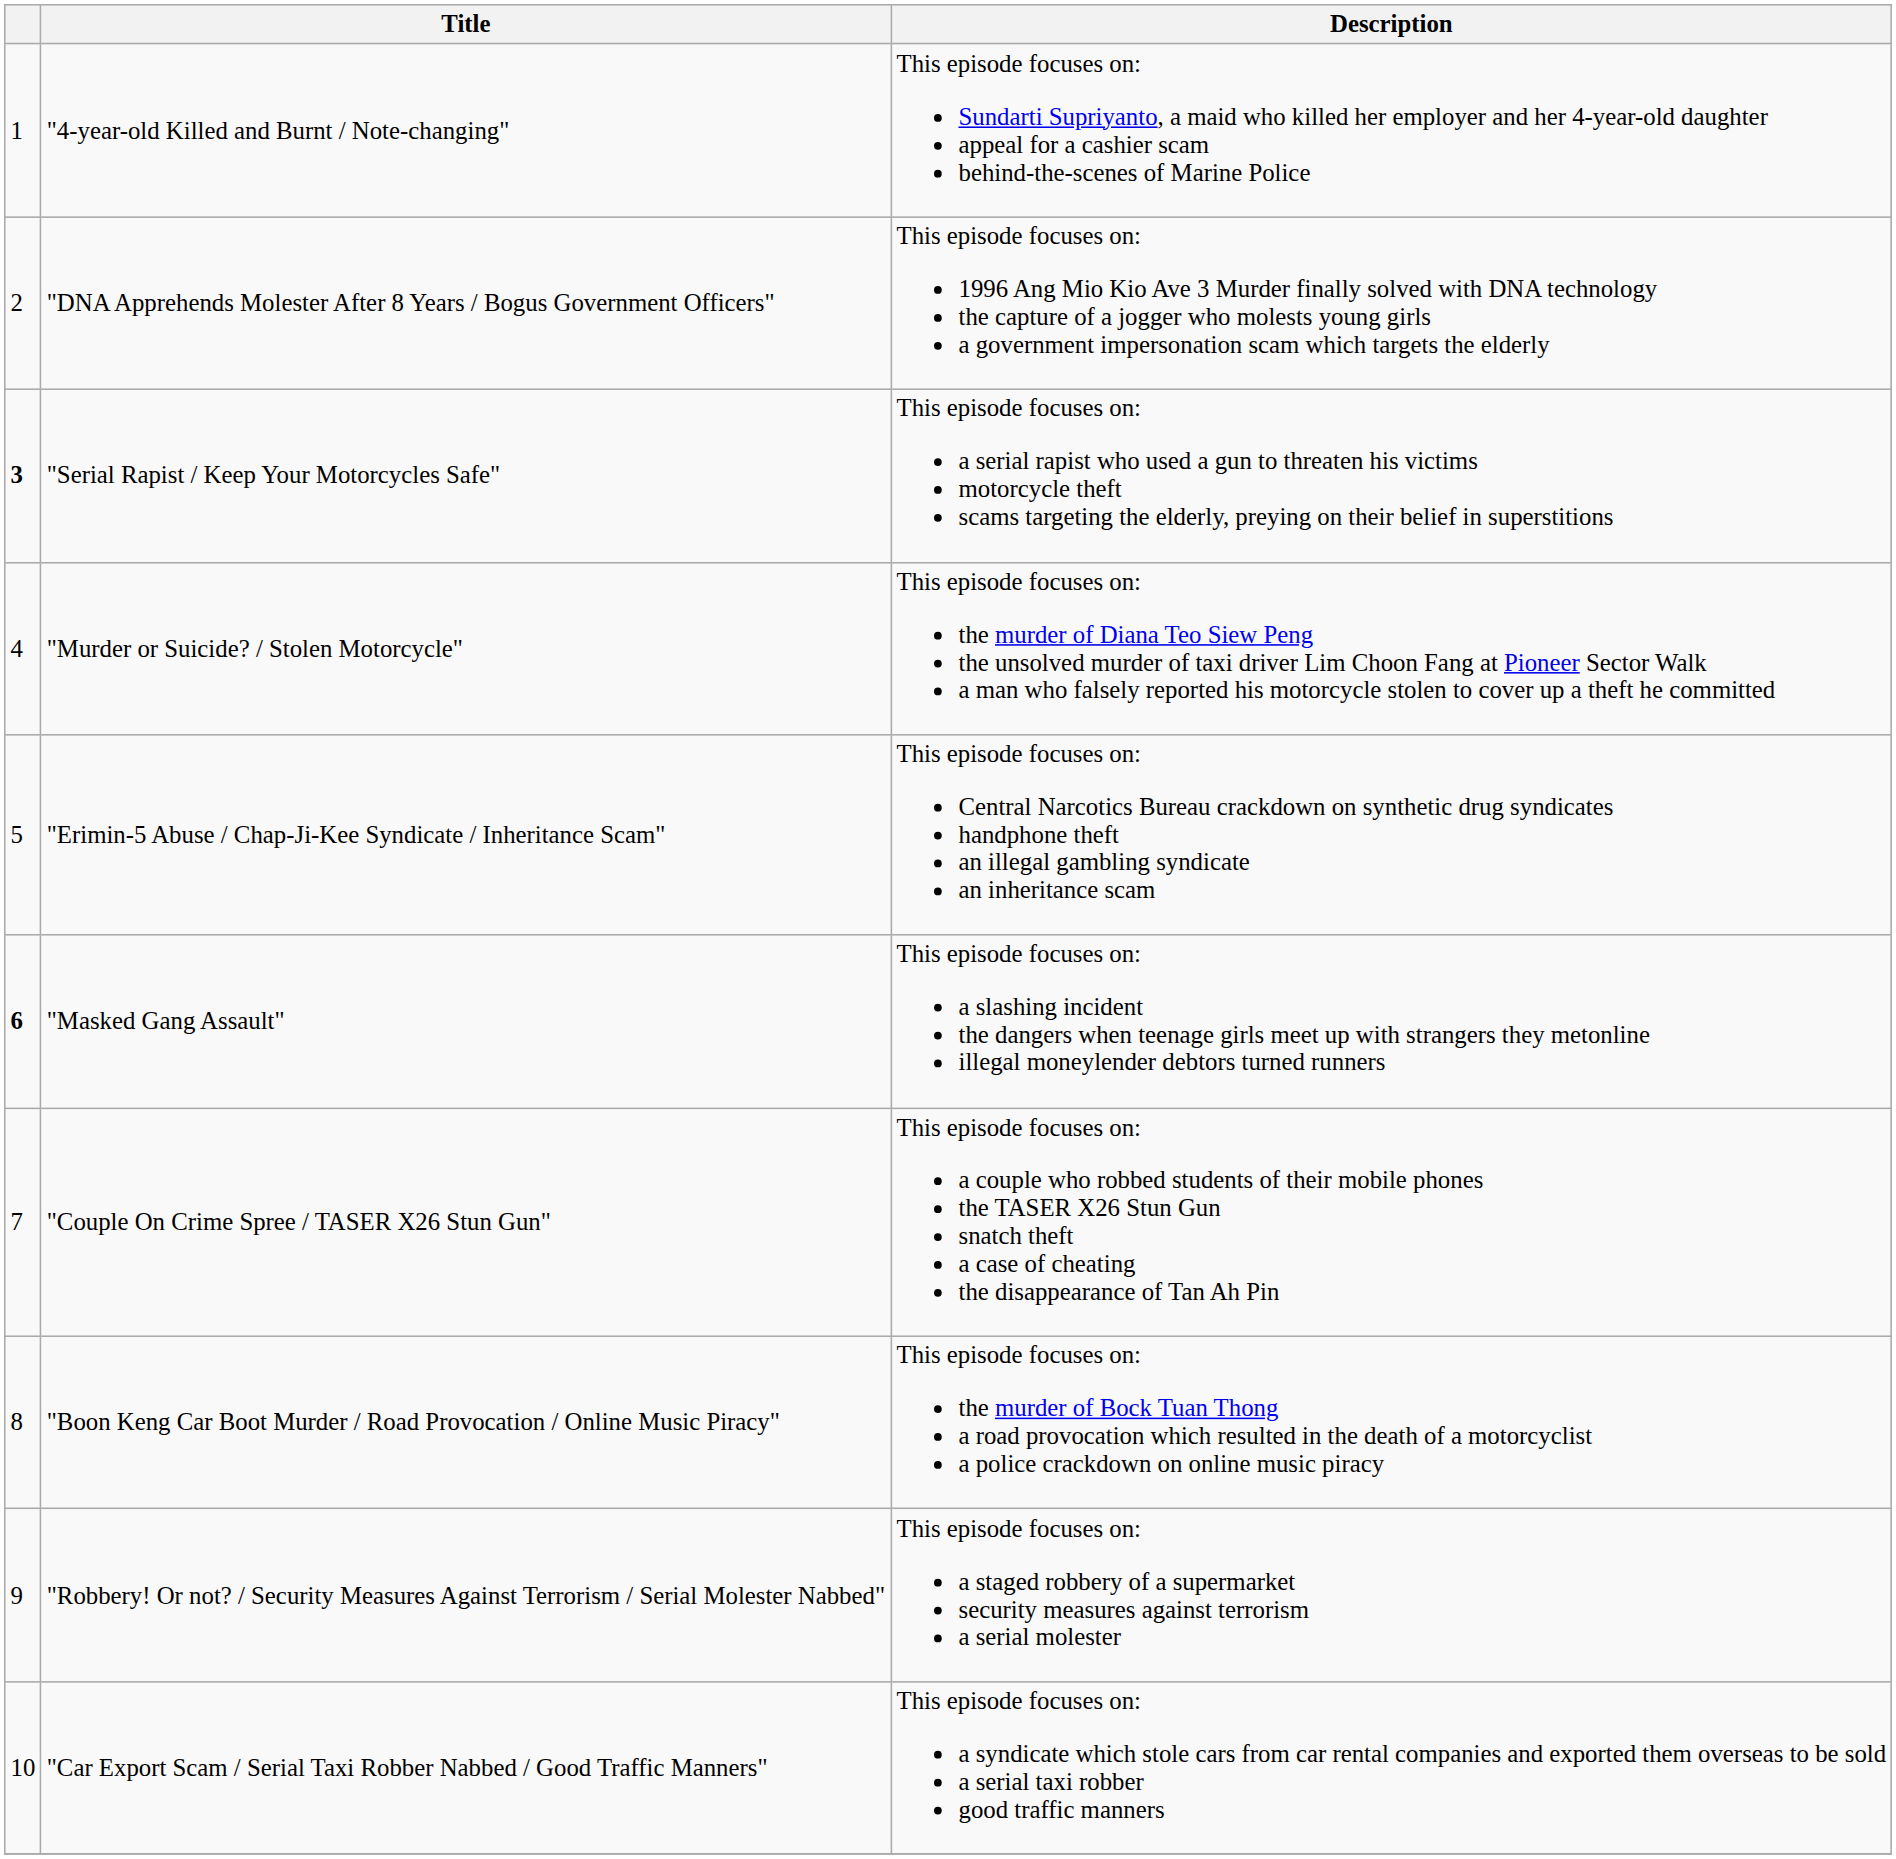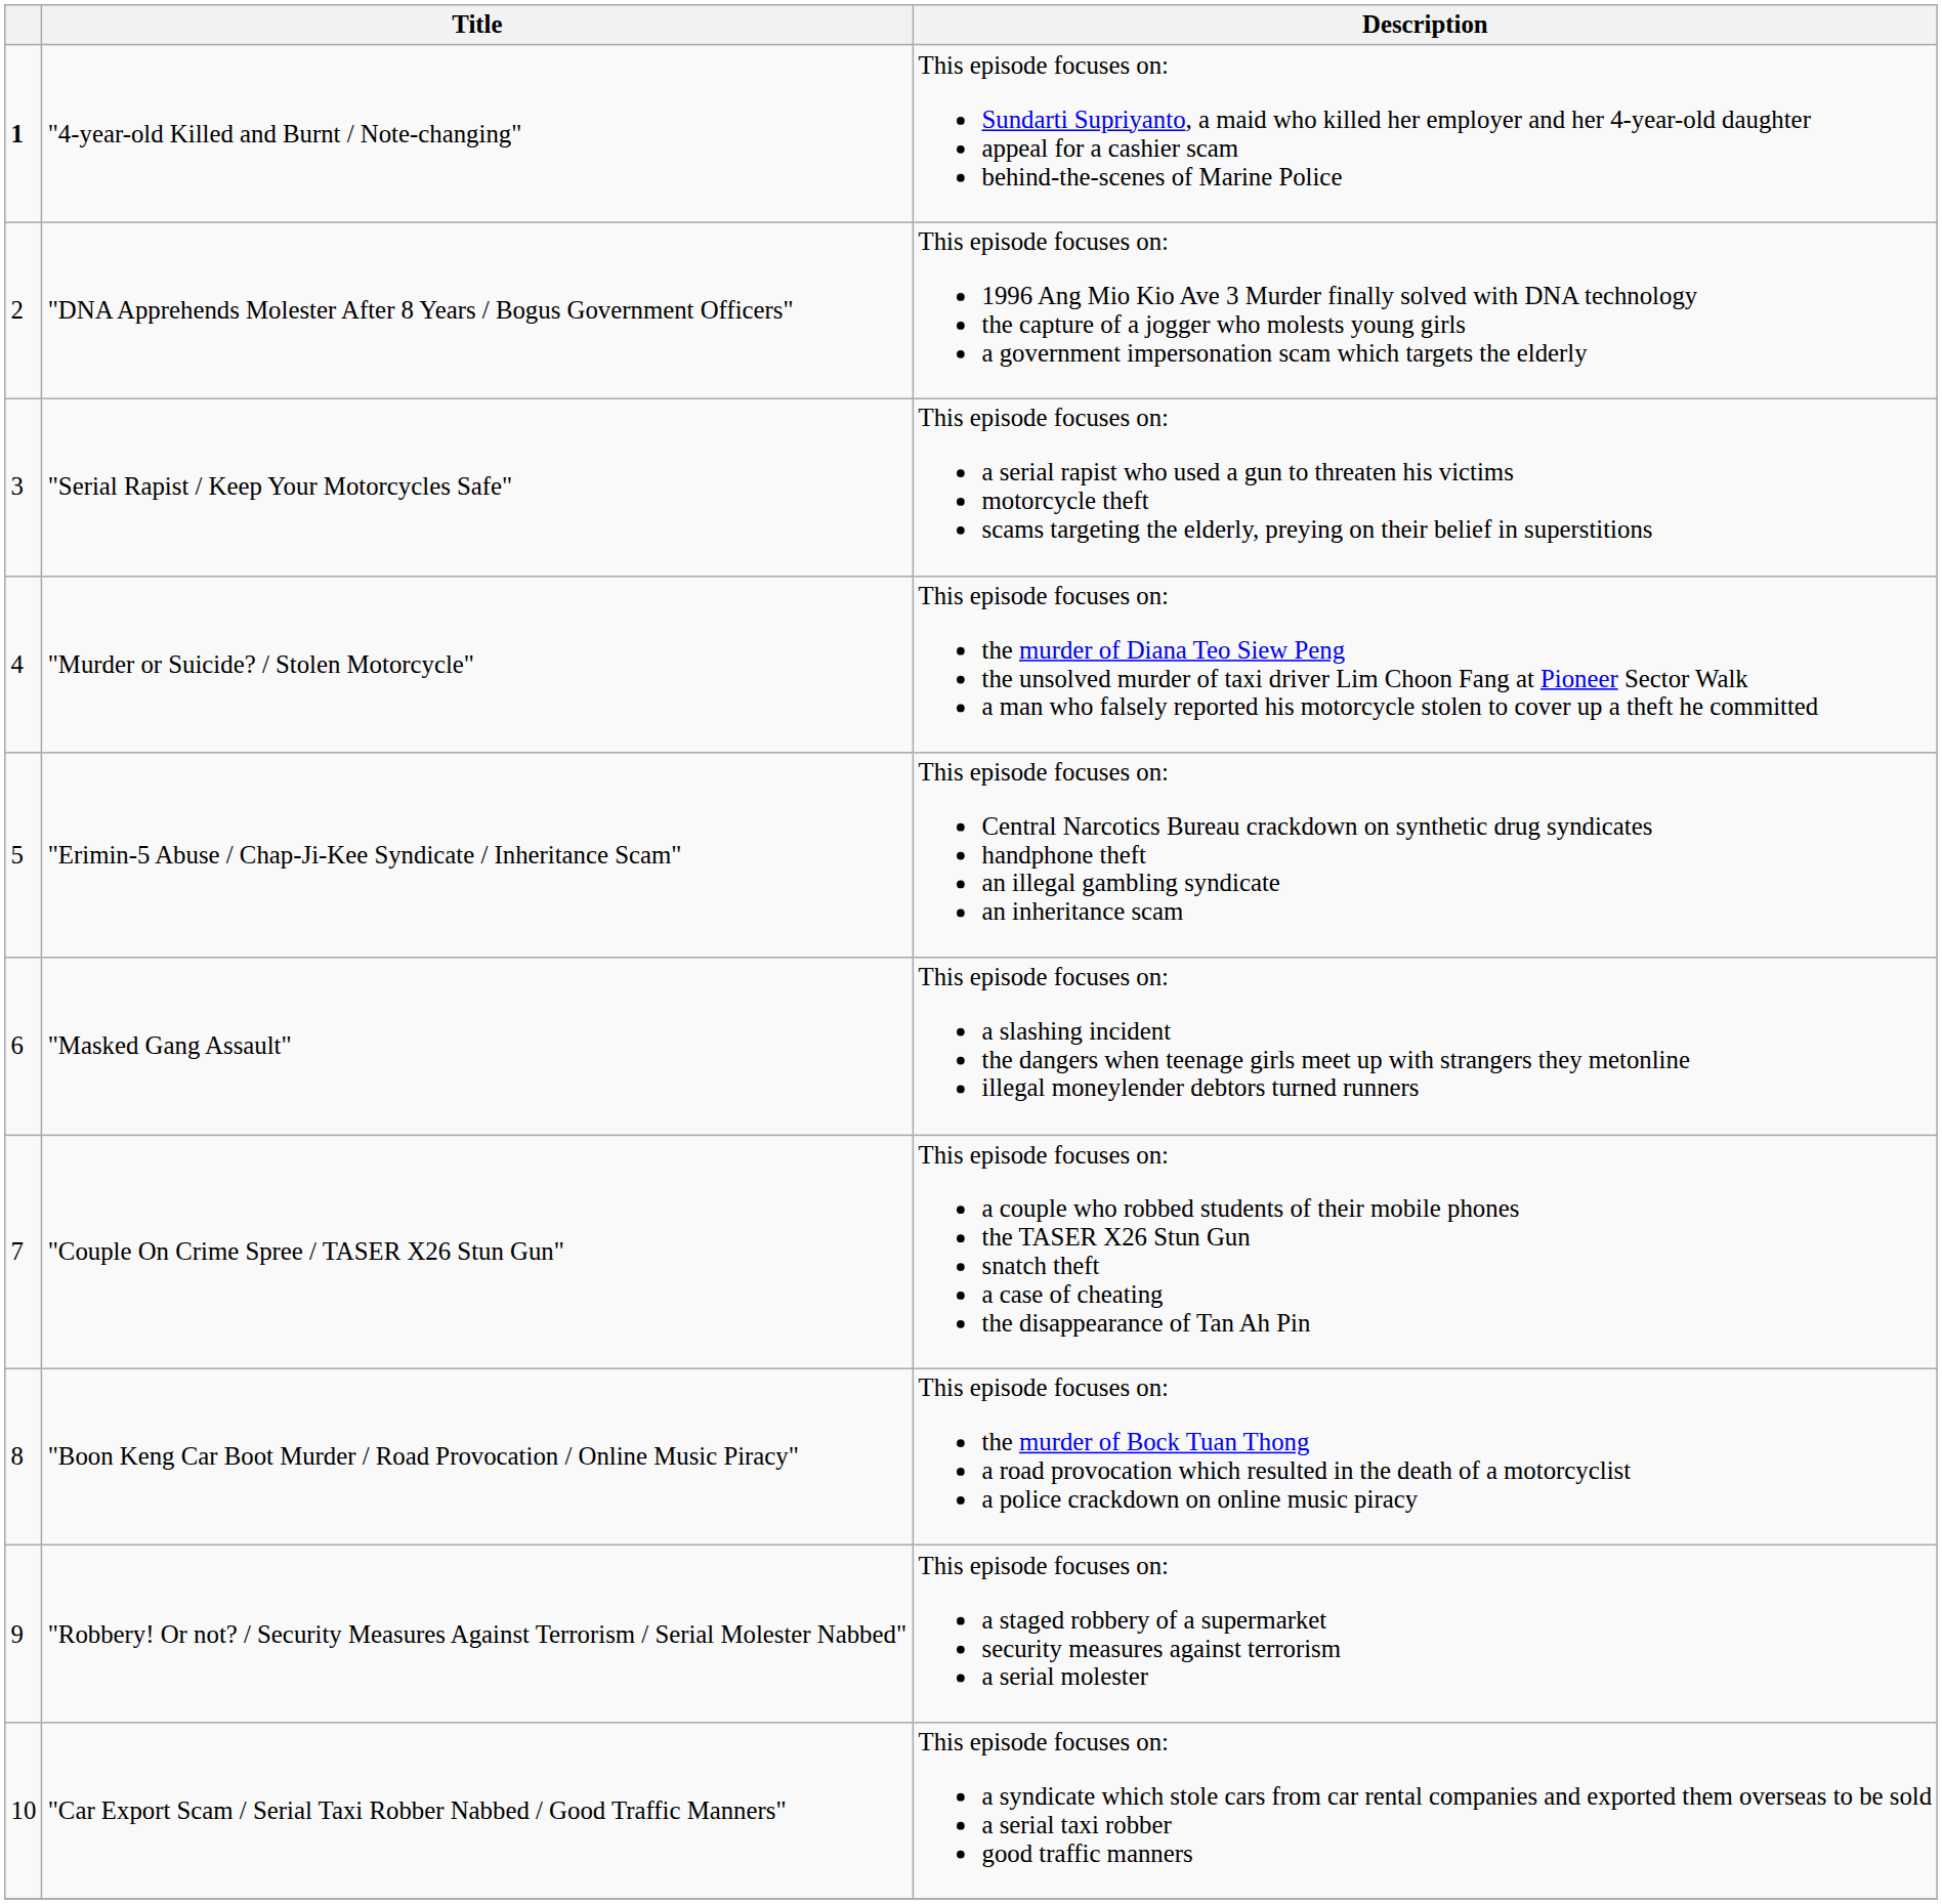 <table class="wikitable">
 <tr>
 <th></th>
 <th>Title</th>
 <th>Description</th>
 </tr>
 <tr>
-<td>1</td>
+<td><strong>1</strong></td>
 <td>"4-year-old Killed and Burnt / Note-changing"</td>
 <td>This episode focuses on:<br><ul><li><a href='#'>Sundarti Supriyanto</a>, a maid who killed her employer and her 4-year-old daughter</li><li>appeal for a cashier scam</li><li>behind-the-scenes of Marine Police</li></ul></td>
 </tr>
 <tr>
 <td>2</td>
 <td>"DNA Apprehends Molester After 8 Years / Bogus Government Officers"</td>
 <td>This episode focuses on:<br><ul><li>1996 Ang Mio Kio Ave 3 Murder finally solved with DNA technology</li><li>the capture of a jogger who molests young girls</li><li>a government impersonation scam which targets the elderly</li></ul></td>
 </tr>
 <tr>
-<td><strong>3</strong></td>
+<td>3</td>
 <td>"Serial Rapist / Keep Your Motorcycles Safe"</td>
 <td>This episode focuses on:<br><ul><li>a serial rapist who used a gun to threaten his victims</li><li>motorcycle theft</li><li>scams targeting the elderly, preying on their belief in superstitions</li></ul></td>
 </tr>
 <tr>
 <td>4</td>
 <td>"Murder or Suicide? / Stolen Motorcycle"</td>
 <td>This episode focuses on:<br><ul><li>the <a href='#'>murder of Diana Teo Siew Peng</a></li><li>the unsolved murder of taxi driver Lim Choon Fang at <a href='#'>Pioneer</a> Sector Walk</li><li>a man who falsely reported his motorcycle stolen to cover up a theft he committed</li></ul></td>
 </tr>
 <tr>
 <td>5</td>
 <td>"Erimin-5 Abuse / Chap-Ji-Kee Syndicate / Inheritance Scam"</td>
 <td>This episode focuses on:<br><ul><li>Central Narcotics Bureau crackdown on synthetic drug syndicates</li><li>handphone theft</li><li>an illegal gambling syndicate</li><li>an inheritance scam</li></ul></td>
 </tr>
 <tr>
-<td><strong>6</strong></td>
+<td>6</td>
 <td>"Masked Gang Assault"</td>
 <td>This episode focuses on:<br><ul><li>a slashing incident</li><li>the dangers when teenage girls meet up with strangers they metonline</li><li>illegal moneylender debtors turned runners</li></ul></td>
 </tr>
 <tr>
 <td>7</td>
 <td>"Couple On Crime Spree / TASER X26 Stun Gun"</td>
 <td>This episode focuses on:<br><ul><li>a couple who robbed students of their mobile phones</li><li>the TASER X26 Stun Gun</li><li>snatch theft</li><li>a case of cheating</li><li>the disappearance of Tan Ah Pin</li></ul></td>
 </tr>
 <tr>
 <td>8</td>
 <td>"Boon Keng Car Boot Murder / Road Provocation / Online Music Piracy"</td>
 <td>This episode focuses on:<br><ul><li>the <a href='#'>murder of Bock Tuan Thong</a></li><li>a road provocation which resulted in the death of a motorcyclist</li><li>a police crackdown on online music piracy</li></ul></td>
 </tr>
 <tr>
 <td>9</td>
 <td>"Robbery! Or not? / Security Measures Against Terrorism / Serial Molester Nabbed"</td>
 <td>This episode focuses on:<br><ul><li>a staged robbery of a supermarket</li><li>security measures against terrorism</li><li>a serial molester</li></ul></td>
 </tr>
 <tr>
 <td>10</td>
 <td>"Car Export Scam / Serial Taxi Robber Nabbed / Good Traffic Manners"</td>
 <td>This episode focuses on:<br><ul><li>a syndicate which stole cars from car rental companies and exported them overseas to be sold</li><li>a serial taxi robber</li><li>good traffic manners</li></ul></td>
 </tr>
 <tr>
 </tr>
 </table>
